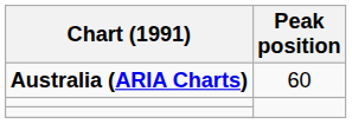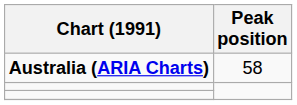 <table class="wikitable" border="1">
 <tr>
 <th>Chart (1991)</th>
 <th>Peak<br>position</th>
 </tr>
 <tr>
 <td><strong>Australia (<a href='#'>ARIA Charts</a>)</strong></td>
-<td style="text-align:center;">60</td>
+<td style="text-align:center;">58</td>
 </tr>
 <tr>
 <td></td>
 </tr>
 <tr>
 <td></td>
 </tr>
 <tr>
 </tr>
 </table>
